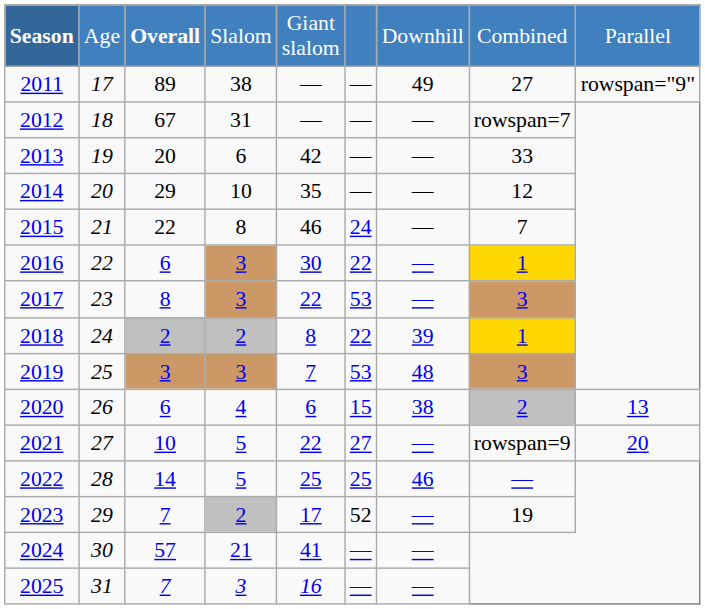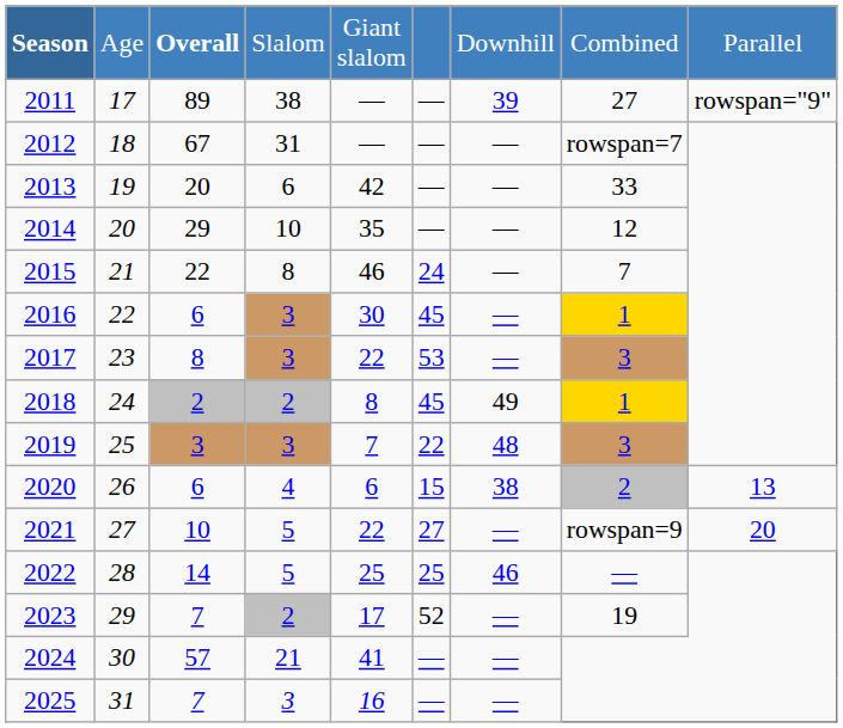 <table class="wikitable"  style="font-size:95%; text-align:center; border:gray solid 1px; width:40%;">
 <tr style="background:#369; color:white;">
 <td rowspan="2" style="width:6%;"><strong>Season</strong></td>
 </tr>
 <tr style="background:#4180be; color:white;">
 <td style="width:3%;">Age</td>
 <td style="width:5%;"><strong>Overall</strong></td>
 <td style="width:5%;">Slalom</td>
 <td style="width:5%;">Giant<br>slalom</td>
 <td style="width:5%;"></td>
 <td style="width:5%;">Downhill</td>
 <td style="width:5%;">Combined</td>
 <td style="width:5%;">Parallel</td>
 </tr>
 <tr>
 <td><a href='#'>2011</a></td>
 <td><em>17</em></td>
 <td>89</td>
 <td>38</td>
 <td>—</td>
 <td>—</td>
-<td>49</td>
+<td><a href='#'>39</a></td>
 <td>27</td>
 <td>rowspan="9" </td>
 </tr>
 <tr>
 <td><a href='#'>2012</a></td>
 <td><em>18</em></td>
 <td>67</td>
 <td>31</td>
 <td>—</td>
 <td>—</td>
 <td>—</td>
 <td>rowspan=7</td>
 </tr>
 <tr>
 <td><a href='#'>2013</a></td>
 <td><em>19</em></td>
 <td>20</td>
 <td>6</td>
 <td>42</td>
 <td>—</td>
 <td>—</td>
 <td>33</td>
 </tr>
 <tr>
 <td><a href='#'>2014</a></td>
 <td><em>20</em></td>
 <td>29</td>
 <td>10</td>
 <td>35</td>
 <td>—</td>
 <td>—</td>
 <td>12</td>
 </tr>
 <tr>
 <td><a href='#'>2015</a></td>
 <td><em>21</em></td>
 <td>22</td>
 <td>8</td>
 <td>46</td>
 <td><a href='#'>24</a></td>
 <td>—</td>
 <td>7</td>
 </tr>
 <tr>
 <td><a href='#'>2016</a></td>
 <td><em>22</em></td>
 <td><a href='#'>6</a></td>
 <td style="background:#c96;"><a href='#'>3</a></td>
 <td><a href='#'>30</a></td>
-<td><a href='#'>22</a></td>
+<td><a href='#'>45</a></td>
 <td><a href='#'>—</a></td>
 <td style="background:gold;"><a href='#'>1</a></td>
 </tr>
 <tr>
 <td><a href='#'>2017</a></td>
 <td><em>23</em></td>
 <td><a href='#'>8</a></td>
 <td style="background:#c96;"><a href='#'>3</a></td>
 <td><a href='#'>22</a></td>
 <td><a href='#'>53</a></td>
 <td><a href='#'>—</a></td>
 <td style="background:#c96;"><a href='#'>3</a></td>
 </tr>
 <tr>
 <td><a href='#'>2018</a></td>
 <td><em>24</em></td>
 <td style="background:silver;"><a href='#'>2</a></td>
 <td style="background:silver;"><a href='#'>2</a></td>
 <td><a href='#'>8</a></td>
-<td><a href='#'>22</a></td>
-<td><a href='#'>39</a></td>
+<td><a href='#'>45</a></td>
+<td>49</td>
 <td style="background:gold;"><a href='#'>1</a></td>
 </tr>
 <tr>
 <td><a href='#'>2019</a></td>
 <td><em>25</em></td>
 <td style="background:#c96;"><a href='#'>3</a></td>
 <td style="background:#c96;"><a href='#'>3</a></td>
 <td><a href='#'>7</a></td>
-<td><a href='#'>53</a></td>
+<td><a href='#'>22</a></td>
 <td><a href='#'>48</a></td>
 <td style="background:#c96;"><a href='#'>3</a></td>
 </tr>
 <tr>
 <td><a href='#'>2020</a></td>
 <td><em>26</em></td>
 <td><a href='#'>6</a></td>
 <td><a href='#'>4</a></td>
 <td><a href='#'>6</a></td>
 <td><a href='#'>15</a></td>
 <td><a href='#'>38</a></td>
 <td style="background:silver;"><a href='#'>2</a></td>
 <td><a href='#'>13</a></td>
 </tr>
 <tr>
 <td><a href='#'>2021</a></td>
 <td><em>27</em></td>
 <td><a href='#'>10</a></td>
 <td><a href='#'>5</a></td>
 <td><a href='#'>22</a></td>
 <td><a href='#'>27</a></td>
 <td><a href='#'>—</a></td>
 <td>rowspan=9 </td>
 <td><a href='#'>20</a></td>
 </tr>
 <tr>
 <td><a href='#'>2022</a></td>
 <td><em>28</em></td>
 <td><a href='#'>14</a></td>
 <td><a href='#'>5</a></td>
 <td><a href='#'>25</a></td>
 <td><a href='#'>25</a></td>
 <td><a href='#'>46</a></td>
 <td><a href='#'>—</a></td>
 </tr>
 <tr>
 <td><a href='#'>2023</a></td>
 <td><em>29</em></td>
 <td><a href='#'>7</a></td>
 <td style="background:silver;"><a href='#'>2</a></td>
 <td><a href='#'>17</a></td>
 <td>52</td>
 <td><a href='#'>—</a></td>
 <td>19</td>
 </tr>
 <tr>
 <td><a href='#'>2024</a></td>
 <td><em>30</em></td>
 <td><a href='#'>57</a></td>
 <td><a href='#'>21</a></td>
 <td><a href='#'>41</a></td>
 <td><a href='#'>—</a></td>
 <td><a href='#'>—</a></td>
 </tr>
 <tr>
 <td><a href='#'>2025</a></td>
 <td><em>31</em></td>
 <td><a href='#'><em>7</em></a></td>
 <td><a href='#'><em>3</em></a></td>
 <td><a href='#'><em>16</em></a></td>
 <td><a href='#'>—</a></td>
 <td><a href='#'>—</a></td>
 </tr>
 </table>
